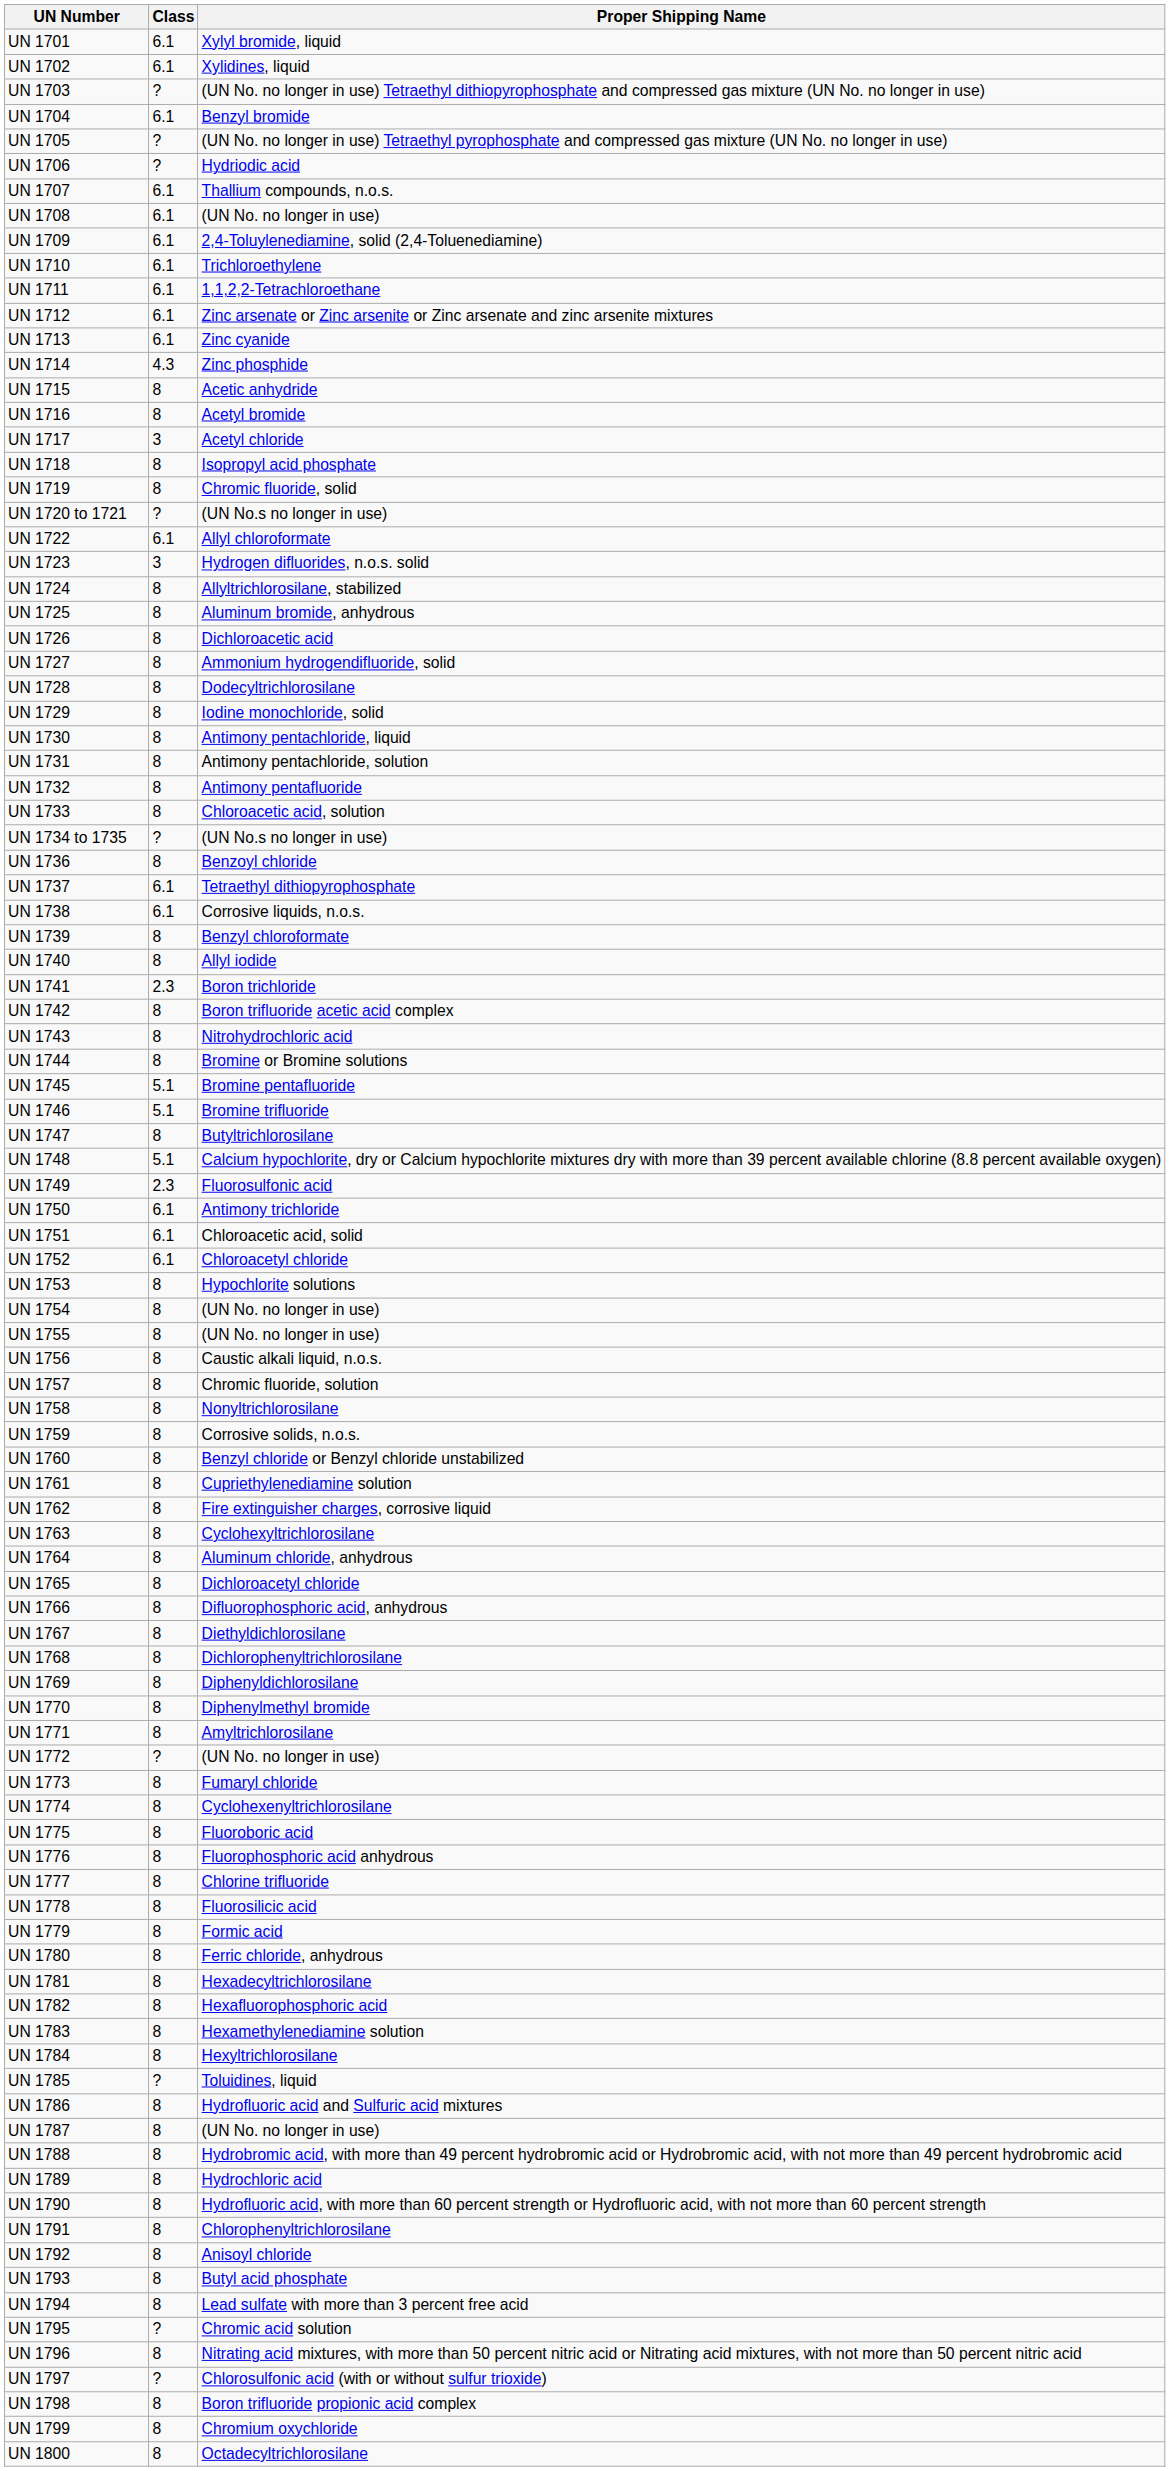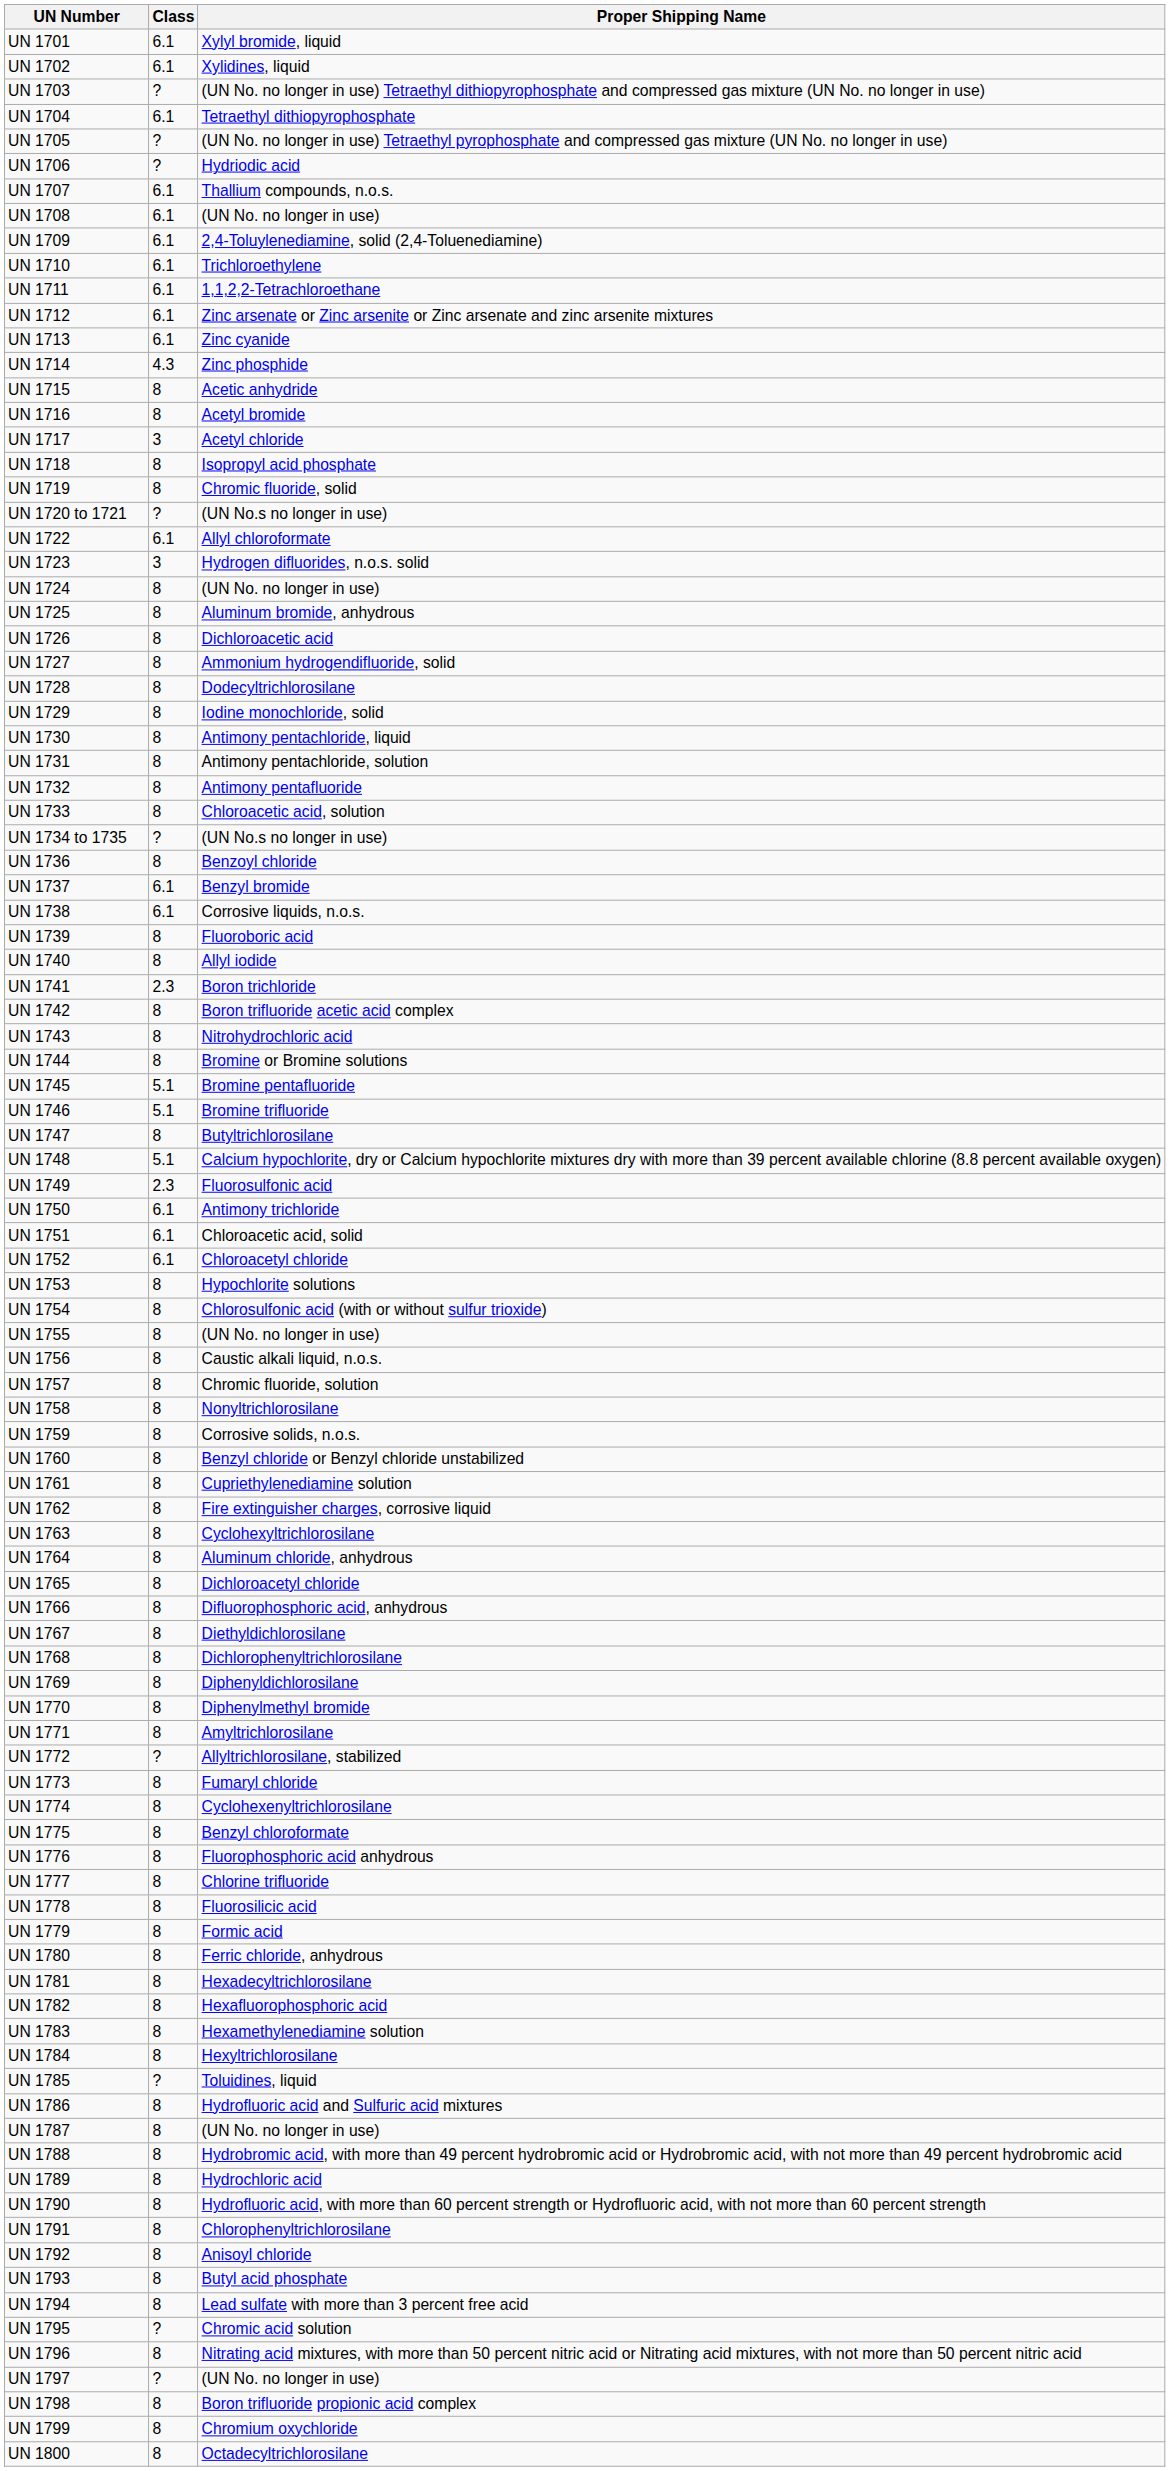 <table class="wikitable">
 <tr>
 <th width="140px">UN Number</th>
 <th>Class</th>
 <th>Proper Shipping Name</th>
 </tr>
 <tr>
 <td>UN 1701</td>
 <td>6.1</td>
 <td><a href='#'>Xylyl bromide</a>, liquid</td>
 </tr>
 <tr>
 <td>UN 1702</td>
 <td>6.1</td>
 <td><a href='#'>Xylidines</a>, liquid</td>
 </tr>
 <tr>
 <td>UN 1703</td>
 <td>?</td>
 <td>(UN No. no longer in use) <a href='#'>Tetraethyl dithiopyrophosphate</a> and compressed gas mixture (UN No. no longer in use)</td>
 </tr>
 <tr>
 <td>UN 1704</td>
 <td>6.1</td>
-<td><a href='#'>Benzyl bromide</a></td>
+<td><a href='#'>Tetraethyl dithiopyrophosphate</a></td>
 </tr>
 <tr>
 <td>UN 1705</td>
 <td>?</td>
 <td>(UN No. no longer in use) <a href='#'>Tetraethyl pyrophosphate</a> and compressed gas mixture (UN No. no longer in use)</td>
 </tr>
 <tr>
 <td>UN 1706</td>
 <td>?</td>
 <td><a href='#'>Hydriodic acid</a></td>
 </tr>
 <tr>
 <td>UN 1707</td>
 <td>6.1</td>
 <td><a href='#'>Thallium</a> compounds, n.o.s.</td>
 </tr>
 <tr>
 <td>UN 1708</td>
 <td>6.1</td>
 <td>(UN No. no longer in use)</td>
 </tr>
 <tr>
 <td>UN 1709</td>
 <td>6.1</td>
 <td><a href='#'>2,4-Toluylenediamine</a>, solid (2,4-Toluenediamine)</td>
 </tr>
 <tr>
 <td>UN 1710</td>
 <td>6.1</td>
 <td><a href='#'>Trichloroethylene</a></td>
 </tr>
 <tr>
 <td>UN 1711</td>
 <td>6.1</td>
 <td><a href='#'>1,1,2,2-Tetrachloroethane</a></td>
 </tr>
 <tr>
 <td>UN 1712</td>
 <td>6.1</td>
 <td><a href='#'>Zinc arsenate</a> or <a href='#'>Zinc arsenite</a> or Zinc arsenate and zinc arsenite mixtures</td>
 </tr>
 <tr>
 <td>UN 1713</td>
 <td>6.1</td>
 <td><a href='#'>Zinc cyanide</a></td>
 </tr>
 <tr>
 <td>UN 1714</td>
 <td>4.3</td>
 <td><a href='#'>Zinc phosphide</a></td>
 </tr>
 <tr>
 <td>UN 1715</td>
 <td>8</td>
 <td><a href='#'>Acetic anhydride</a></td>
 </tr>
 <tr>
 <td>UN 1716</td>
 <td>8</td>
 <td><a href='#'>Acetyl bromide</a></td>
 </tr>
 <tr>
 <td>UN 1717</td>
 <td>3</td>
 <td><a href='#'>Acetyl chloride</a></td>
 </tr>
 <tr>
 <td>UN 1718</td>
 <td>8</td>
 <td><a href='#'>Isopropyl acid phosphate</a></td>
 </tr>
 <tr>
 <td>UN 1719</td>
 <td>8</td>
 <td><a href='#'>Chromic fluoride</a>, solid</td>
 </tr>
 <tr>
 <td>UN 1720 to 1721</td>
 <td>?</td>
 <td>(UN No.s no longer in use)</td>
 </tr>
 <tr>
 <td>UN 1722</td>
 <td>6.1</td>
 <td><a href='#'>Allyl chloroformate</a></td>
 </tr>
 <tr>
 <td>UN 1723</td>
 <td>3</td>
 <td><a href='#'>Hydrogen difluorides</a>, n.o.s. solid</td>
 </tr>
 <tr>
 <td>UN 1724</td>
 <td>8</td>
-<td><a href='#'>Allyltrichlorosilane</a>, stabilized</td>
+<td>(UN No. no longer in use)</td>
 </tr>
 <tr>
 <td>UN 1725</td>
 <td>8</td>
 <td><a href='#'>Aluminum bromide</a>, anhydrous</td>
 </tr>
 <tr>
 <td>UN 1726</td>
 <td>8</td>
 <td><a href='#'>Dichloroacetic acid</a></td>
 </tr>
 <tr>
 <td>UN 1727</td>
 <td>8</td>
 <td><a href='#'>Ammonium hydrogendifluoride</a>, solid</td>
 </tr>
 <tr>
 <td>UN 1728</td>
 <td>8</td>
 <td><a href='#'>Dodecyltrichlorosilane</a></td>
 </tr>
 <tr>
 <td>UN 1729</td>
 <td>8</td>
 <td><a href='#'>Iodine monochloride</a>, solid</td>
 </tr>
 <tr>
 <td>UN 1730</td>
 <td>8</td>
 <td><a href='#'>Antimony pentachloride</a>, liquid</td>
 </tr>
 <tr>
 <td>UN 1731</td>
 <td>8</td>
 <td>Antimony pentachloride, solution</td>
 </tr>
 <tr>
 <td>UN 1732</td>
 <td>8</td>
 <td><a href='#'>Antimony pentafluoride</a></td>
 </tr>
 <tr>
 <td>UN 1733</td>
 <td>8</td>
 <td><a href='#'>Chloroacetic acid</a>, solution</td>
 </tr>
 <tr>
 <td>UN 1734 to 1735</td>
 <td>?</td>
 <td>(UN No.s no longer in use)</td>
 </tr>
 <tr>
 <td>UN 1736</td>
 <td>8</td>
 <td><a href='#'>Benzoyl chloride</a></td>
 </tr>
 <tr>
 <td>UN 1737</td>
 <td>6.1</td>
-<td><a href='#'>Tetraethyl dithiopyrophosphate</a></td>
+<td><a href='#'>Benzyl bromide</a></td>
 </tr>
 <tr>
 <td>UN 1738</td>
 <td>6.1</td>
 <td>Corrosive liquids, n.o.s.</td>
 </tr>
 <tr>
 <td>UN 1739</td>
 <td>8</td>
-<td><a href='#'>Benzyl chloroformate</a></td>
+<td><a href='#'>Fluoroboric acid</a></td>
 </tr>
 <tr>
 <td>UN 1740</td>
 <td>8</td>
 <td><a href='#'>Allyl iodide</a></td>
 </tr>
 <tr>
 <td>UN 1741</td>
 <td>2.3</td>
 <td><a href='#'>Boron trichloride</a></td>
 </tr>
 <tr>
 <td>UN 1742</td>
 <td>8</td>
 <td><a href='#'>Boron trifluoride</a> <a href='#'>acetic acid</a> complex</td>
 </tr>
 <tr>
 <td>UN 1743</td>
 <td>8</td>
 <td><a href='#'>Nitrohydrochloric acid</a></td>
 </tr>
 <tr>
 <td>UN 1744</td>
 <td>8</td>
 <td><a href='#'>Bromine</a> or Bromine solutions</td>
 </tr>
 <tr>
 <td>UN 1745</td>
 <td>5.1</td>
 <td><a href='#'>Bromine pentafluoride</a></td>
 </tr>
 <tr>
 <td>UN 1746</td>
 <td>5.1</td>
 <td><a href='#'>Bromine trifluoride</a></td>
 </tr>
 <tr>
 <td>UN 1747</td>
 <td>8</td>
 <td><a href='#'>Butyltrichlorosilane</a></td>
 </tr>
 <tr>
 <td>UN 1748</td>
 <td>5.1</td>
 <td><a href='#'>Calcium hypochlorite</a>, dry or Calcium hypochlorite mixtures dry with more than 39 percent available chlorine (8.8 percent available oxygen)</td>
 </tr>
 <tr>
 <td>UN 1749</td>
 <td>2.3</td>
 <td><a href='#'>Fluorosulfonic acid</a></td>
 </tr>
 <tr>
 <td>UN 1750</td>
 <td>6.1</td>
 <td><a href='#'>Antimony trichloride</a></td>
 </tr>
 <tr>
 <td>UN 1751</td>
 <td>6.1</td>
 <td>Chloroacetic acid, solid</td>
 </tr>
 <tr>
 <td>UN 1752</td>
 <td>6.1</td>
 <td><a href='#'>Chloroacetyl chloride</a></td>
 </tr>
 <tr>
 <td>UN 1753</td>
 <td>8</td>
 <td><a href='#'>Hypochlorite</a> solutions</td>
 </tr>
 <tr>
 <td>UN 1754</td>
 <td>8</td>
-<td>(UN No. no longer in use)</td>
+<td><a href='#'>Chlorosulfonic acid</a> (with or without <a href='#'>sulfur trioxide</a>)</td>
 </tr>
 <tr>
 <td>UN 1755</td>
 <td>8</td>
 <td>(UN No. no longer in use)</td>
 </tr>
 <tr>
 <td>UN 1756</td>
 <td>8</td>
 <td>Caustic alkali liquid, n.o.s.</td>
 </tr>
 <tr>
 <td>UN 1757</td>
 <td>8</td>
 <td>Chromic fluoride, solution</td>
 </tr>
 <tr>
 <td>UN 1758</td>
 <td>8</td>
 <td><a href='#'>Nonyltrichlorosilane</a></td>
 </tr>
 <tr>
 <td>UN 1759</td>
 <td>8</td>
 <td>Corrosive solids, n.o.s.</td>
 </tr>
 <tr>
 <td>UN 1760</td>
 <td>8</td>
 <td><a href='#'>Benzyl chloride</a> or Benzyl chloride unstabilized</td>
 </tr>
 <tr>
 <td>UN 1761</td>
 <td>8</td>
 <td><a href='#'>Cupriethylenediamine</a> solution</td>
 </tr>
 <tr>
 <td>UN 1762</td>
 <td>8</td>
 <td><a href='#'>Fire extinguisher charges</a>, corrosive liquid</td>
 </tr>
 <tr>
 <td>UN 1763</td>
 <td>8</td>
 <td><a href='#'>Cyclohexyltrichlorosilane</a></td>
 </tr>
 <tr>
 <td>UN 1764</td>
 <td>8</td>
 <td><a href='#'>Aluminum chloride</a>, anhydrous</td>
 </tr>
 <tr>
 <td>UN 1765</td>
 <td>8</td>
 <td><a href='#'>Dichloroacetyl chloride</a></td>
 </tr>
 <tr>
 <td>UN 1766</td>
 <td>8</td>
 <td><a href='#'>Difluorophosphoric acid</a>, anhydrous</td>
 </tr>
 <tr>
 <td>UN 1767</td>
 <td>8</td>
 <td><a href='#'>Diethyldichlorosilane</a></td>
 </tr>
 <tr>
 <td>UN 1768</td>
 <td>8</td>
 <td><a href='#'>Dichlorophenyltrichlorosilane</a></td>
 </tr>
 <tr>
 <td>UN 1769</td>
 <td>8</td>
 <td><a href='#'>Diphenyldichlorosilane</a></td>
 </tr>
 <tr>
 <td>UN 1770</td>
 <td>8</td>
 <td><a href='#'>Diphenylmethyl bromide</a></td>
 </tr>
 <tr>
 <td>UN 1771</td>
 <td>8</td>
 <td><a href='#'>Amyltrichlorosilane</a></td>
 </tr>
 <tr>
 <td>UN 1772</td>
 <td>?</td>
-<td>(UN No. no longer in use)</td>
+<td><a href='#'>Allyltrichlorosilane</a>, stabilized</td>
 </tr>
 <tr>
 <td>UN 1773</td>
 <td>8</td>
 <td><a href='#'>Fumaryl chloride</a></td>
 </tr>
 <tr>
 <td>UN 1774</td>
 <td>8</td>
 <td><a href='#'>Cyclohexenyltrichlorosilane</a></td>
 </tr>
 <tr>
 <td>UN 1775</td>
 <td>8</td>
-<td><a href='#'>Fluoroboric acid</a></td>
+<td><a href='#'>Benzyl chloroformate</a></td>
 </tr>
 <tr>
 <td>UN 1776</td>
 <td>8</td>
 <td><a href='#'>Fluorophosphoric acid</a> anhydrous</td>
 </tr>
 <tr>
 <td>UN 1777</td>
 <td>8</td>
 <td><a href='#'>Chlorine trifluoride</a></td>
 </tr>
 <tr>
 <td>UN 1778</td>
 <td>8</td>
 <td><a href='#'>Fluorosilicic acid</a></td>
 </tr>
 <tr>
 <td>UN 1779</td>
 <td>8</td>
 <td><a href='#'>Formic acid</a></td>
 </tr>
 <tr>
 <td>UN 1780</td>
 <td>8</td>
 <td><a href='#'>Ferric chloride</a>, anhydrous</td>
 </tr>
 <tr>
 <td>UN 1781</td>
 <td>8</td>
 <td><a href='#'>Hexadecyltrichlorosilane</a></td>
 </tr>
 <tr>
 <td>UN 1782</td>
 <td>8</td>
 <td><a href='#'>Hexafluorophosphoric acid</a></td>
 </tr>
 <tr>
 <td>UN 1783</td>
 <td>8</td>
 <td><a href='#'>Hexamethylenediamine</a> solution</td>
 </tr>
 <tr>
 <td>UN 1784</td>
 <td>8</td>
 <td><a href='#'>Hexyltrichlorosilane</a></td>
 </tr>
 <tr>
 <td>UN 1785</td>
 <td>?</td>
 <td><a href='#'>Toluidines</a>, liquid</td>
 </tr>
 <tr>
 <td>UN 1786</td>
 <td>8</td>
 <td><a href='#'>Hydrofluoric acid</a> and <a href='#'>Sulfuric acid</a> mixtures</td>
 </tr>
 <tr>
 <td>UN 1787</td>
 <td>8</td>
 <td>(UN No. no longer in use)</td>
 </tr>
 <tr>
 <td>UN 1788</td>
 <td>8</td>
 <td><a href='#'>Hydrobromic acid</a>, with more than 49 percent hydrobromic acid or Hydrobromic acid, with not more than 49 percent hydrobromic acid</td>
 </tr>
 <tr>
 <td>UN 1789</td>
 <td>8</td>
 <td><a href='#'>Hydrochloric acid</a></td>
 </tr>
 <tr>
 <td>UN 1790</td>
 <td>8</td>
 <td><a href='#'>Hydrofluoric acid</a>, with more than 60 percent strength or Hydrofluoric acid, with not more than 60 percent strength</td>
 </tr>
 <tr>
 <td>UN 1791</td>
 <td>8</td>
 <td><a href='#'>Chlorophenyltrichlorosilane</a></td>
 </tr>
 <tr>
 <td>UN 1792</td>
 <td>8</td>
 <td><a href='#'>Anisoyl chloride</a></td>
 </tr>
 <tr>
 <td>UN 1793</td>
 <td>8</td>
 <td><a href='#'>Butyl acid phosphate</a></td>
 </tr>
 <tr>
 <td>UN 1794</td>
 <td>8</td>
 <td><a href='#'>Lead sulfate</a> with more than 3 percent free acid</td>
 </tr>
 <tr>
 <td>UN 1795</td>
 <td>?</td>
 <td><a href='#'>Chromic acid</a> solution</td>
 </tr>
 <tr>
 <td>UN 1796</td>
 <td>8</td>
 <td><a href='#'>Nitrating acid</a> mixtures, with more than 50 percent nitric acid or Nitrating acid mixtures, with not more than 50 percent nitric acid</td>
 </tr>
 <tr>
 <td>UN 1797</td>
 <td>?</td>
-<td><a href='#'>Chlorosulfonic acid</a> (with or without <a href='#'>sulfur trioxide</a>)</td>
+<td>(UN No. no longer in use)</td>
 </tr>
 <tr>
 <td>UN 1798</td>
 <td>8</td>
 <td><a href='#'>Boron trifluoride</a> <a href='#'>propionic acid</a> complex</td>
 </tr>
 <tr>
 <td>UN 1799</td>
 <td>8</td>
 <td><a href='#'>Chromium oxychloride</a></td>
 </tr>
 <tr>
 <td>UN 1800</td>
 <td>8</td>
 <td><a href='#'>Octadecyltrichlorosilane</a></td>
 </tr>
 </table>
